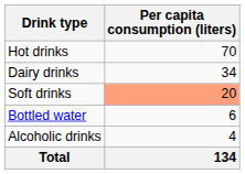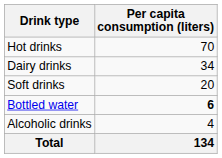 <table class="wikitable sortable">
 <tr>
 <th>Drink type</th>
 <th>Per capita<br>consumption (liters)</th>
 </tr>
 <tr>
 <td>Hot drinks</td>
 <td style="text-align: right;">70</td>
 </tr>
 <tr>
 <td>Dairy drinks</td>
 <td style="text-align: right;">34</td>
 </tr>
 <tr>
 <td>Soft drinks</td>
-<td style="background: lightsalmon; text-align: right;">20</td>
+<td style="text-align: right;">20</td>
 </tr>
 <tr>
 <td><a href='#'>Bottled water</a></td>
-<td style="text-align: right;">6</td>
+<td style="text-align: right;"><strong>6</strong></td>
 </tr>
 <tr>
 <td>Alcoholic drinks</td>
 <td style="text-align: right;">4</td>
 </tr>
 <tr>
 <th>Total</th>
 <th style="text-align: right;">134</th>
 </tr>
 </table>
